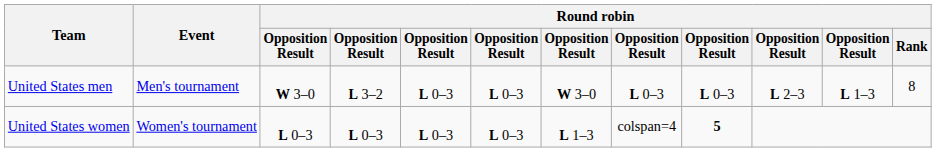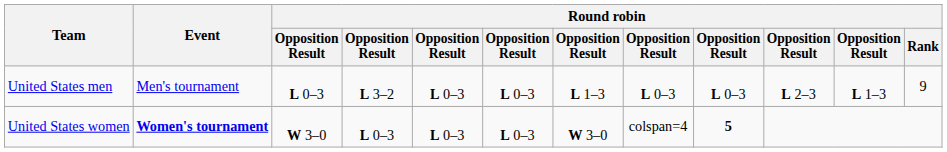 <table class=wikitable style=font-size:90%;text-align:center>
 <tr>
 <th rowspan=2>Team</th>
 <th rowspan=2>Event</th>
 <th colspan=10>Round robin</th>
 </tr>
 <tr style=font-size:95%>
 <th>Opposition<br>Result</th>
 <th>Opposition<br>Result</th>
 <th>Opposition<br>Result</th>
 <th>Opposition<br>Result</th>
 <th>Opposition<br>Result</th>
 <th>Opposition<br>Result</th>
 <th>Opposition<br>Result</th>
 <th>Opposition<br>Result</th>
 <th>Opposition<br>Result</th>
 <th>Rank</th>
 </tr>
 <tr>
 <td align=left><a href='#'>United States men</a></td>
 <td align=left><a href='#'>Men's tournament</a></td>
-<td><br><strong>W</strong> 3–0</td>
+<td><br><strong>L</strong> 0–3</td>
 <td><br><strong>L</strong> 3–2</td>
 <td><br><strong>L</strong> 0–3</td>
 <td><br><strong>L</strong> 0–3</td>
-<td><br><strong>W</strong> 3–0</td>
+<td><br><strong>L</strong> 1–3</td>
 <td><br><strong>L</strong> 0–3</td>
 <td><br><strong>L</strong> 0–3</td>
 <td><br><strong>L</strong> 2–3</td>
 <td><br><strong>L</strong> 1–3</td>
-<td>8</td>
+<td>9</td>
 </tr>
 <tr>
 <td align=left><a href='#'>United States women</a></td>
-<td align=left><a href='#'>Women's tournament</a></td>
+<td align=left><strong><a href='#'>Women's tournament</a></strong></td>
+<td><br><strong>W</strong> 3–0</td>
 <td><br><strong>L</strong> 0–3</td>
 <td><br><strong>L</strong> 0–3</td>
 <td><br><strong>L</strong> 0–3</td>
-<td><br><strong>L</strong> 0–3</td>
-<td><br><strong>L</strong> 1–3</td>
+<td><br><strong>W</strong> 3–0</td>
 <td>colspan=4 </td>
 <td><strong>5</strong></td>
 </tr>
 </table>
